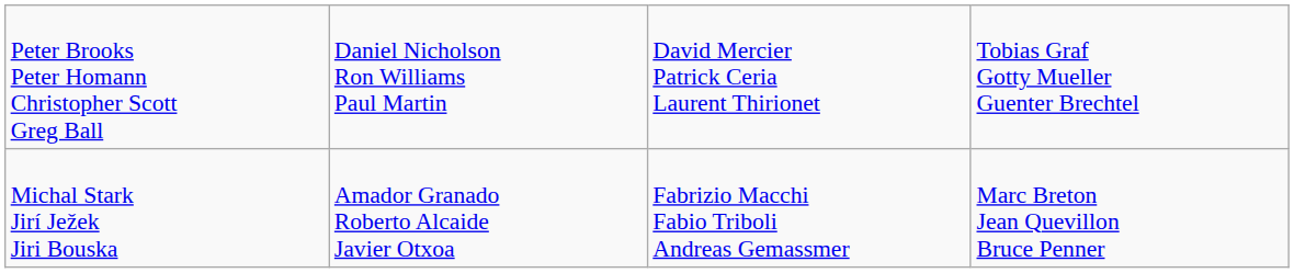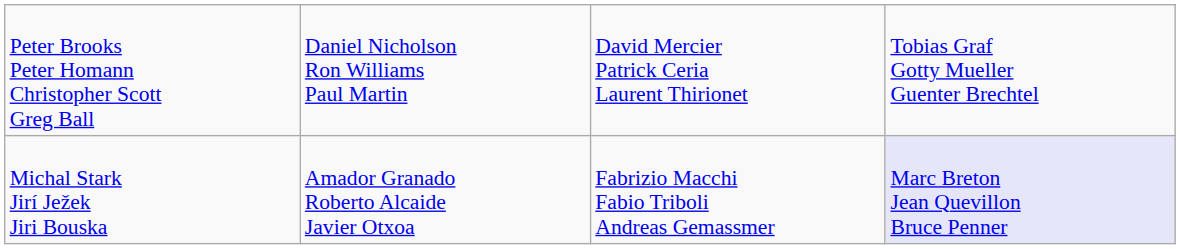 <table class="wikitable">
 <tr>
 <td style="vertical-align:top; width:18em"><br><a href='#'>Peter Brooks</a><br><a href='#'>Peter Homann</a><br><a href='#'>Christopher Scott</a><br><a href='#'>Greg Ball</a></td>
 <td style="vertical-align:top; width:18em"><br><a href='#'>Daniel Nicholson</a><br><a href='#'>Ron Williams</a><br><a href='#'>Paul Martin</a></td>
 <td style="vertical-align:top; width:18em"><br><a href='#'>David Mercier</a><br><a href='#'>Patrick Ceria</a><br><a href='#'>Laurent Thirionet</a></td>
 <td style="vertical-align:top; width:18em"><br><a href='#'>Tobias Graf</a><br><a href='#'>Gotty Mueller</a><br><a href='#'>Guenter Brechtel</a></td>
 </tr>
 <tr>
 <td style="vertical-align:top; width:18em"><br><a href='#'>Michal Stark</a><br><a href='#'>Jirí Ježek</a><br><a href='#'>Jiri Bouska</a></td>
 <td style="vertical-align:top; width:18em"><br><a href='#'>Amador Granado</a><br><a href='#'>Roberto Alcaide</a><br><a href='#'>Javier Otxoa</a></td>
 <td style="vertical-align:top; width:18em"><br><a href='#'>Fabrizio Macchi</a><br><a href='#'>Fabio Triboli</a><br><a href='#'>Andreas Gemassmer</a></td>
-<td style="vertical-align:top; width:18em"><br><a href='#'>Marc Breton</a><br><a href='#'>Jean Quevillon</a><br><a href='#'>Bruce Penner</a></td>
+<td style="background: lavender; vertical-align:top; width:18em"><br><a href='#'>Marc Breton</a><br><a href='#'>Jean Quevillon</a><br><a href='#'>Bruce Penner</a></td>
 </tr>
 </table>
